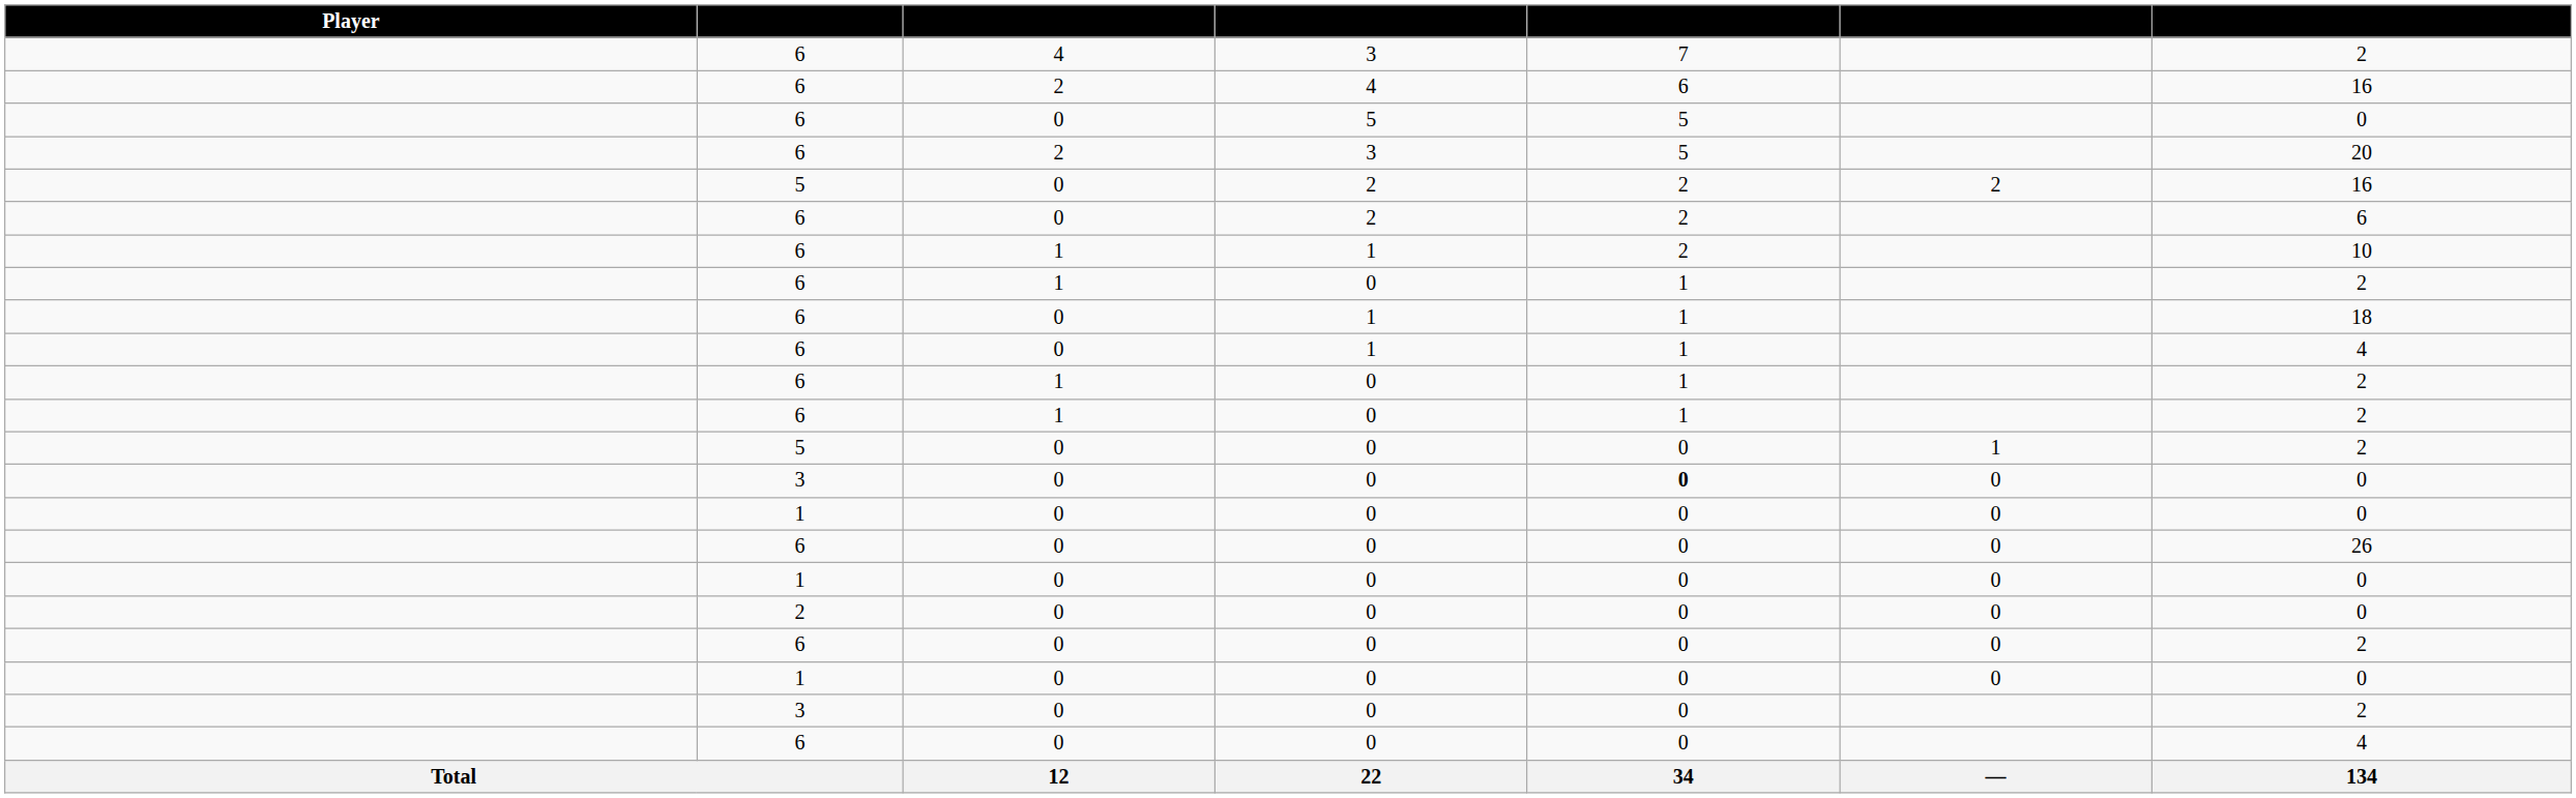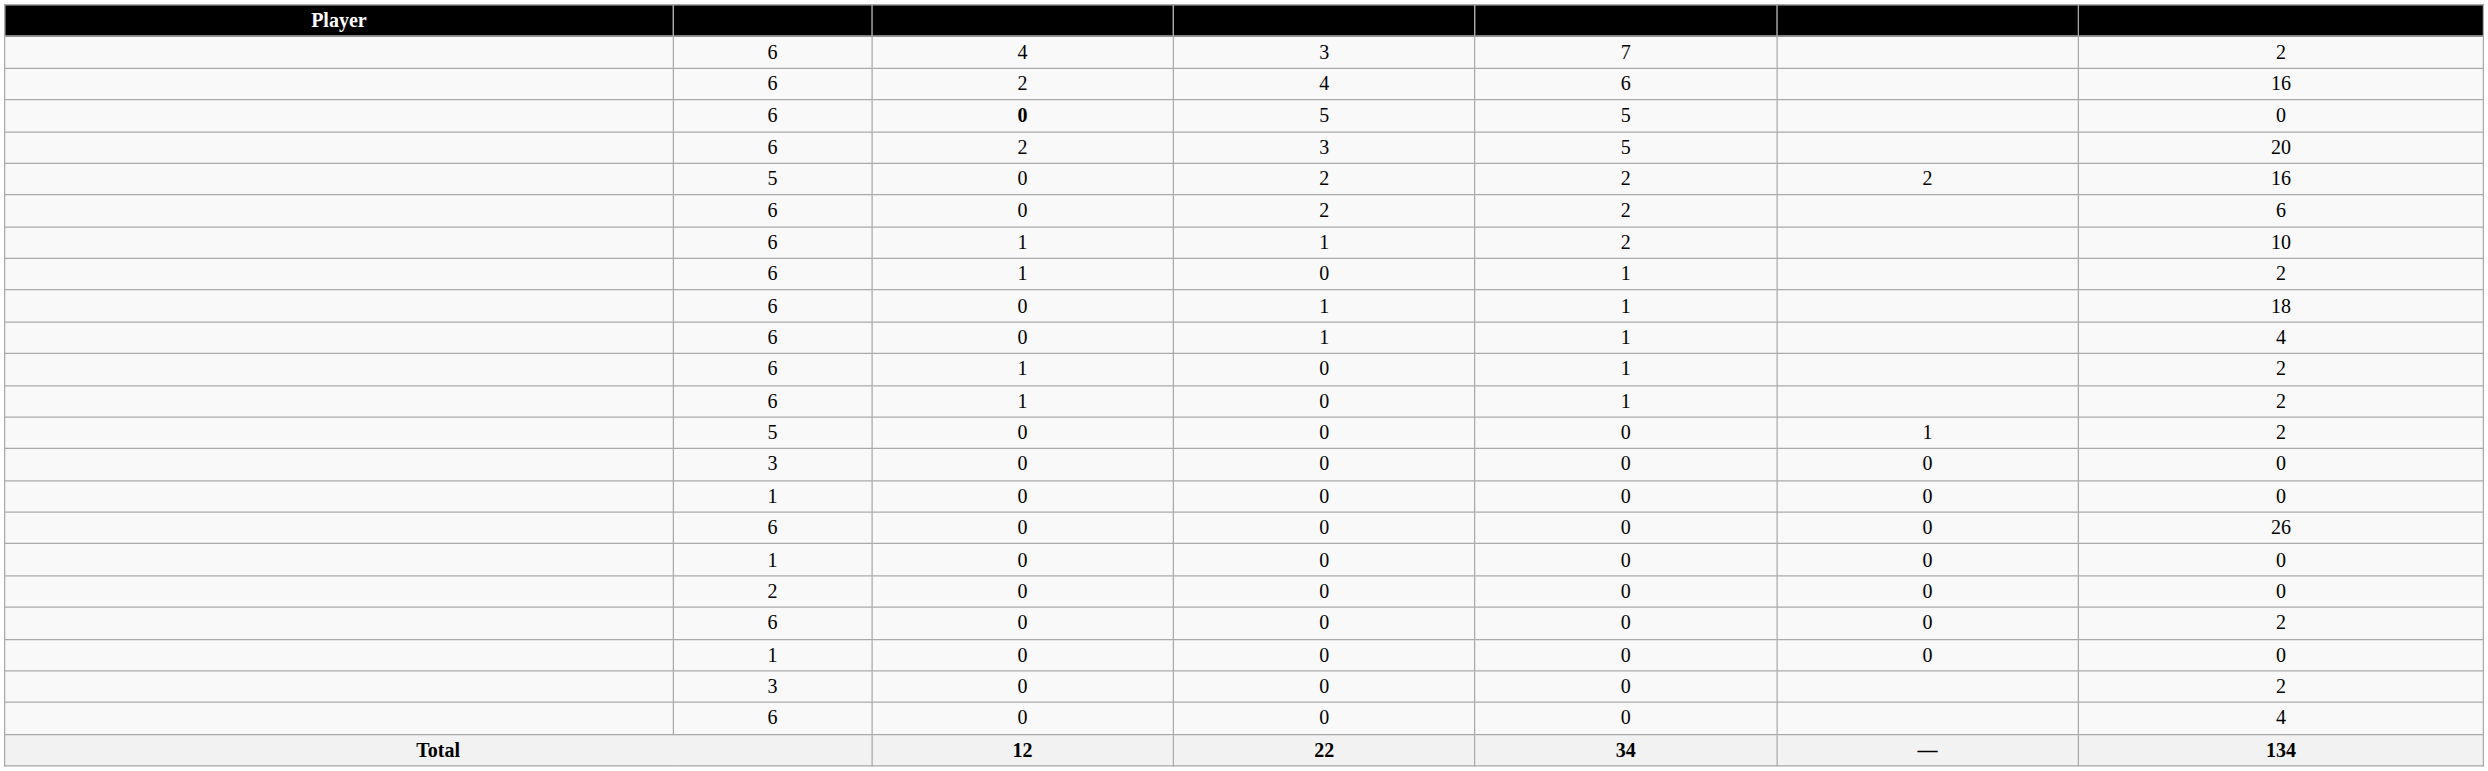 <table class="wikitable sortable" style="width:100%; text-align:center;">
 <tr>
 <th style="color:white; background:#000000; ">Player</th>
 <th style="color:white; background:#000000; "></th>
 <th style="color:white; background:#000000; "></th>
 <th style="color:white; background:#000000; "></th>
 <th style="color:white; background:#000000; "></th>
 <th style="color:white; background:#000000; "></th>
 <th style="color:white; background:#000000; "></th>
 </tr>
 <tr>
 <td></td>
 <td>6</td>
 <td>4</td>
 <td>3</td>
 <td>7</td>
 <td></td>
 <td>2</td>
 </tr>
 <tr>
 <td></td>
 <td>6</td>
 <td>2</td>
 <td>4</td>
 <td>6</td>
 <td></td>
 <td>16</td>
 </tr>
 <tr>
 <td></td>
 <td>6</td>
-<td>0</td>
+<td><strong>0</strong></td>
 <td>5</td>
 <td>5</td>
 <td></td>
 <td>0</td>
 </tr>
 <tr>
 <td></td>
 <td>6</td>
 <td>2</td>
 <td>3</td>
 <td>5</td>
 <td></td>
 <td>20</td>
 </tr>
 <tr>
 <td></td>
 <td>5</td>
 <td>0</td>
 <td>2</td>
 <td>2</td>
 <td>2</td>
 <td>16</td>
 </tr>
 <tr>
 <td></td>
 <td>6</td>
 <td>0</td>
 <td>2</td>
 <td>2</td>
 <td></td>
 <td>6</td>
 </tr>
 <tr>
 <td></td>
 <td>6</td>
 <td>1</td>
 <td>1</td>
 <td>2</td>
 <td></td>
 <td>10</td>
 </tr>
 <tr>
 <td></td>
 <td>6</td>
 <td>1</td>
 <td>0</td>
 <td>1</td>
 <td></td>
 <td>2</td>
 </tr>
 <tr>
 <td></td>
 <td>6</td>
 <td>0</td>
 <td>1</td>
 <td>1</td>
 <td></td>
 <td>18</td>
 </tr>
 <tr>
 <td></td>
 <td>6</td>
 <td>0</td>
 <td>1</td>
 <td>1</td>
 <td></td>
 <td>4</td>
 </tr>
 <tr>
 <td></td>
 <td>6</td>
 <td>1</td>
 <td>0</td>
 <td>1</td>
 <td></td>
 <td>2</td>
 </tr>
 <tr>
 <td></td>
 <td>6</td>
 <td>1</td>
 <td>0</td>
 <td>1</td>
 <td></td>
 <td>2</td>
 </tr>
 <tr>
 <td></td>
 <td>5</td>
 <td>0</td>
 <td>0</td>
 <td>0</td>
 <td>1</td>
 <td>2</td>
 </tr>
 <tr>
 <td></td>
 <td>3</td>
 <td>0</td>
 <td>0</td>
-<td><strong>0</strong></td>
+<td>0</td>
 <td>0</td>
 <td>0</td>
 </tr>
 <tr>
 <td></td>
 <td>1</td>
 <td>0</td>
 <td>0</td>
 <td>0</td>
 <td>0</td>
 <td>0</td>
 </tr>
 <tr>
 <td></td>
 <td>6</td>
 <td>0</td>
 <td>0</td>
 <td>0</td>
 <td>0</td>
 <td>26</td>
 </tr>
 <tr>
 <td></td>
 <td>1</td>
 <td>0</td>
 <td>0</td>
 <td>0</td>
 <td>0</td>
 <td>0</td>
 </tr>
 <tr>
 <td></td>
 <td>2</td>
 <td>0</td>
 <td>0</td>
 <td>0</td>
 <td>0</td>
 <td>0</td>
 </tr>
 <tr>
 <td></td>
 <td>6</td>
 <td>0</td>
 <td>0</td>
 <td>0</td>
 <td>0</td>
 <td>2</td>
 </tr>
 <tr>
 <td></td>
 <td>1</td>
 <td>0</td>
 <td>0</td>
 <td>0</td>
 <td>0</td>
 <td>0</td>
 </tr>
 <tr>
 <td></td>
 <td>3</td>
 <td>0</td>
 <td>0</td>
 <td>0</td>
 <td></td>
 <td>2</td>
 </tr>
 <tr>
 <td></td>
 <td>6</td>
 <td>0</td>
 <td>0</td>
 <td>0</td>
 <td></td>
 <td>4</td>
 </tr>
 <tr class="sortbotom">
 <th colspan=2>Total</th>
 <th>12</th>
 <th>22</th>
 <th>34</th>
 <th>—</th>
 <th>134</th>
 </tr>
 </table>
